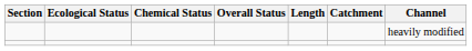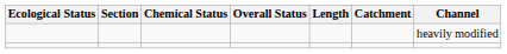 <table class="wikitable">
 <tr>
+<th>Ecological Status</th>
 <th>Section</th>
-<th>Ecological Status</th>
 <th>Chemical Status</th>
 <th>Overall Status</th>
 <th>Length</th>
 <th>Catchment</th>
 <th>Channel</th>
 </tr>
 <tr>
 <td></td>
 <td></td>
 <td></td>
 <td></td>
 <td></td>
 <td></td>
 <td>heavily modified</td>
 </tr>
 <tr>
 <td></td>
 <td></td>
 <td></td>
 <td></td>
 <td></td>
 <td></td>
 <td></td>
 </tr>
 </table>
